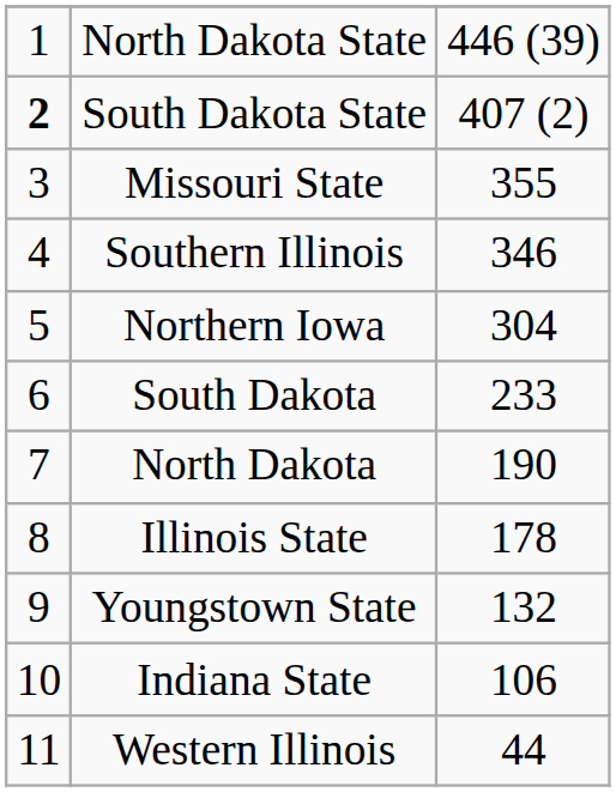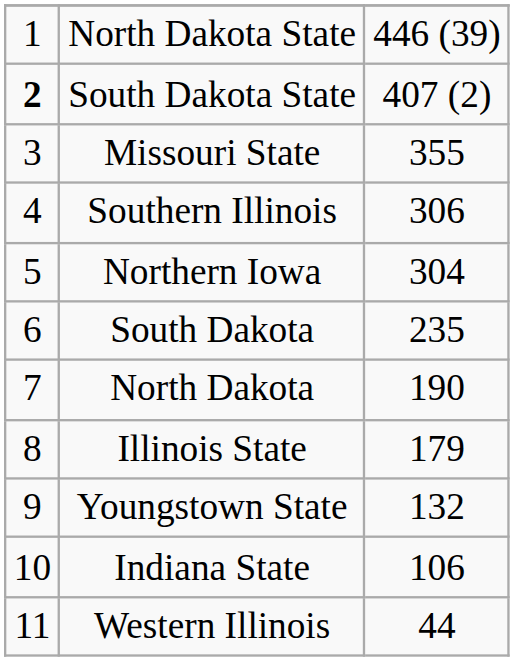 <table class="wikitable" style="display: inline-table;">
 <tr align="center">
 </tr>
 <tr align="center">
 <td>1</td>
 <td>North Dakota State</td>
 <td>446 (39)</td>
 </tr>
 <tr align="center">
 <td><strong>2</strong></td>
 <td>South Dakota State</td>
 <td>407 (2)</td>
 </tr>
 <tr align="center">
 <td>3</td>
 <td>Missouri State</td>
 <td>355</td>
 </tr>
 <tr align="center">
 <td>4</td>
 <td>Southern Illinois</td>
-<td>346</td>
+<td>306</td>
 </tr>
 <tr align="center">
 <td>5</td>
 <td>Northern Iowa</td>
 <td>304</td>
 </tr>
 <tr align="center">
 <td>6</td>
 <td>South Dakota</td>
-<td>233</td>
+<td>235</td>
 </tr>
 <tr align="center">
 <td>7</td>
 <td>North Dakota</td>
 <td>190</td>
 </tr>
 <tr align="center">
 <td>8</td>
 <td>Illinois State</td>
-<td>178</td>
+<td>179</td>
 </tr>
 <tr align="center">
 <td>9</td>
 <td>Youngstown State</td>
 <td>132</td>
 </tr>
 <tr align="center">
 <td>10</td>
 <td>Indiana State</td>
 <td>106</td>
 </tr>
 <tr align="center">
 <td>11</td>
 <td>Western Illinois</td>
 <td>44</td>
 </tr>
 </table>
